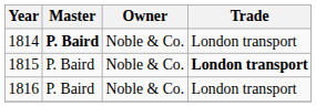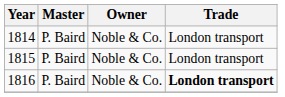 <table class="sortable wikitable">
 <tr>
 <th>Year</th>
 <th>Master</th>
 <th>Owner</th>
 <th>Trade</th>
 </tr>
 <tr>
 <td>1814</td>
-<td><strong>P. Baird</strong></td>
+<td>P. Baird</td>
 <td>Noble & Co.</td>
 <td>London transport</td>
 </tr>
 <tr>
 <td>1815</td>
 <td>P. Baird</td>
 <td>Noble & Co.</td>
-<td><strong>London transport</strong></td>
+<td>London transport</td>
 </tr>
 <tr>
 <td>1816</td>
 <td>P. Baird</td>
 <td>Noble & Co.</td>
-<td>London transport</td>
+<td><strong>London transport</strong></td>
 </tr>
 <tr>
 </tr>
 </table>
